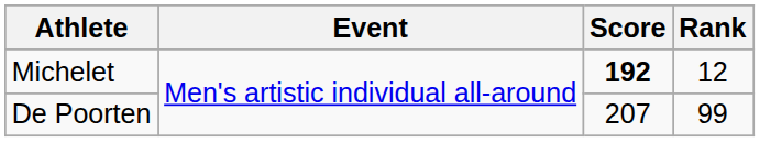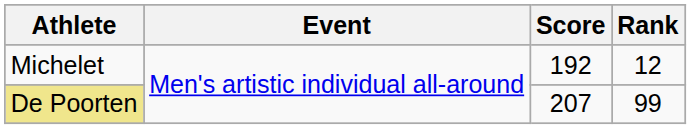 <table class="wikitable" style="font-size:90%">
 <tr>
 <th>Athlete</th>
 <th>Event</th>
 <th>Score</th>
 <th>Rank</th>
 </tr>
 <tr align="center">
 <td align="left">Michelet</td>
 <td rowspan="2"><a href='#'>Men's artistic individual all-around</a></td>
-<td><strong>192</strong></td>
+<td>192</td>
 <td>12</td>
 </tr>
 <tr align="center">
-<td align="left">De Poorten</td>
+<td align="left" style="background: khaki;">De Poorten</td>
 <td>207</td>
 <td>99</td>
 </tr>
 </table>
